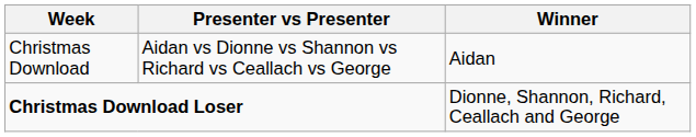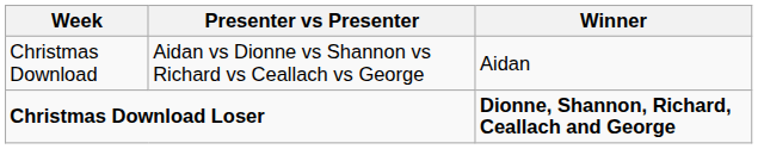 <table class="wikitable">
 <tr>
 <th>Week</th>
 <th>Presenter vs Presenter</th>
 <th>Winner</th>
 </tr>
 <tr>
 <td>Christmas Download</td>
 <td>Aidan vs Dionne vs Shannon vs Richard vs Ceallach vs George</td>
 <td>Aidan</td>
 </tr>
 <tr>
 <td Colspan="2"><strong>Christmas Download Loser</strong></td>
-<td>Dionne, Shannon, Richard, Ceallach and George</td>
+<td><strong>Dionne, Shannon, Richard, Ceallach and George</strong></td>
 </tr>
 </table>
